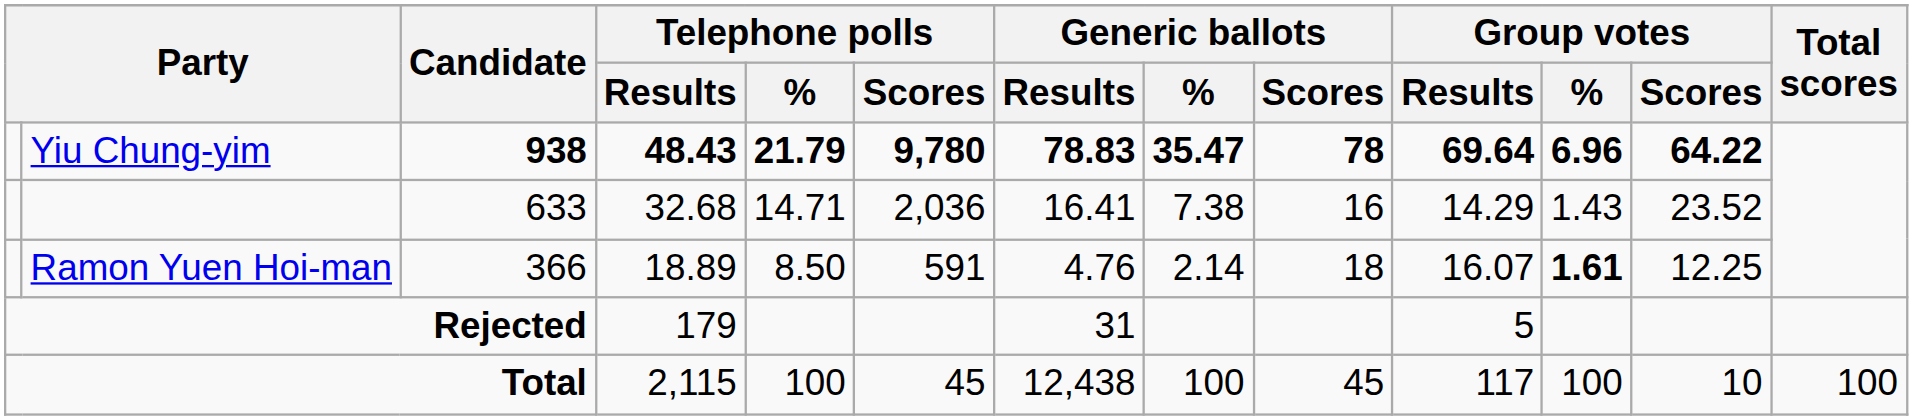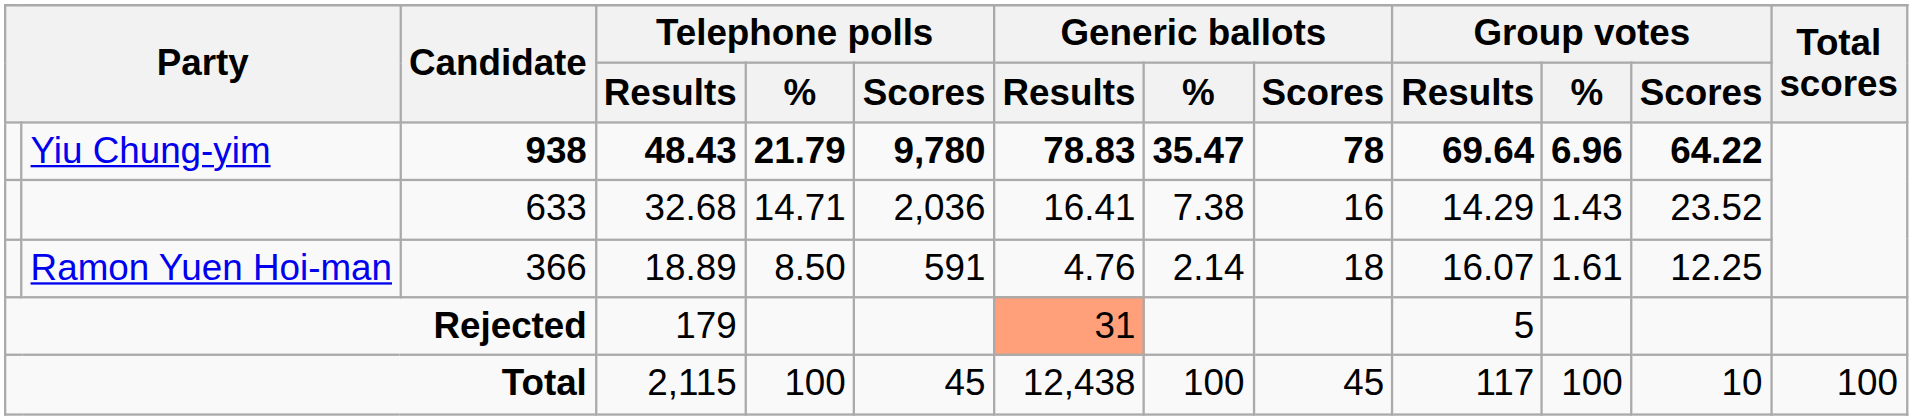 <table class="wikitable" style="text-align:right">
 <tr>
 </tr>
 <tr>
 <th colspan=2 rowspan=2>Party</th>
 <th rowspan=2>Candidate</th>
 <th colspan=3>Telephone polls</th>
 <th colspan=3>Generic ballots</th>
 <th colspan=3>Group votes</th>
 <th rowspan=2>Total<br>scores</th>
 </tr>
 <tr>
 <th>Results</th>
 <th>%</th>
 <th>Scores</th>
 <th>Results</th>
 <th>%</th>
 <th>Scores</th>
 <th>Results</th>
 <th>%</th>
 <th>Scores</th>
 </tr>
 <tr>
 <td></td>
 <td align=left><a href='#'>Yiu Chung-yim</a></td>
 <td><strong>938</strong></td>
 <td><strong>48.43</strong></td>
 <td><strong>21.79</strong></td>
 <td><strong>9,780</strong></td>
 <td><strong>78.83</strong></td>
 <td><strong>35.47</strong></td>
 <td><strong>78</strong></td>
 <td><strong>69.64</strong></td>
 <td><strong>6.96</strong></td>
 <td><strong>64.22</strong></td>
 </tr>
 <tr>
 <td></td>
 <td align=left></td>
 <td>633</td>
 <td>32.68</td>
 <td>14.71</td>
 <td>2,036</td>
 <td>16.41</td>
 <td>7.38</td>
 <td>16</td>
 <td>14.29</td>
 <td>1.43</td>
 <td>23.52</td>
 </tr>
 <tr>
 <td></td>
 <td align=left><a href='#'>Ramon Yuen Hoi-man</a></td>
 <td>366</td>
 <td>18.89</td>
 <td>8.50</td>
 <td>591</td>
 <td>4.76</td>
 <td>2.14</td>
 <td>18</td>
 <td>16.07</td>
-<td><strong>1.61</strong></td>
+<td>1.61</td>
 <td>12.25</td>
 </tr>
 <tr>
 <td colspan=3><strong>Rejected</strong></td>
 <td>179</td>
 <td></td>
 <td></td>
-<td>31</td>
+<td style="background: lightsalmon;">31</td>
 <td></td>
 <td></td>
 <td>5</td>
 <td></td>
 <td></td>
 <td></td>
 </tr>
 <tr>
 <td colspan=3><strong>Total</strong></td>
 <td>2,115</td>
 <td>100</td>
 <td>45</td>
 <td>12,438</td>
 <td>100</td>
 <td>45</td>
 <td>117</td>
 <td>100</td>
 <td>10</td>
 <td>100</td>
 </tr>
 </table>
